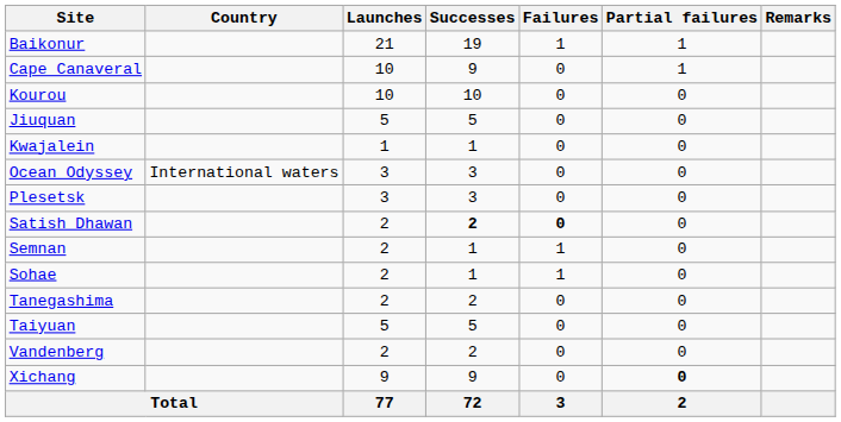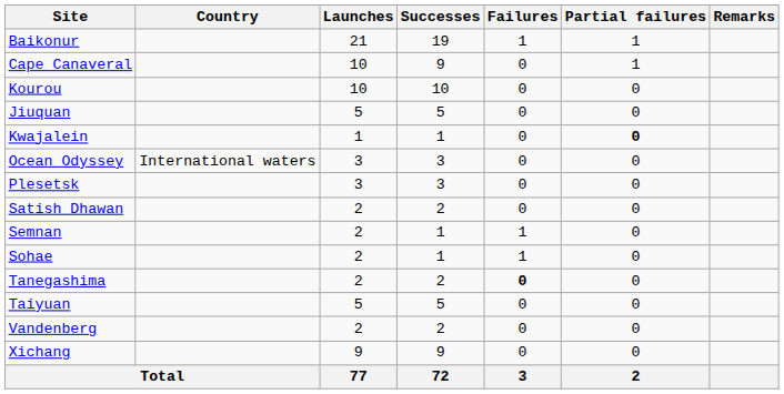 <table class="wikitable sortable" style=text-align:center>
 <tr>
 <th scope=col>Site</th>
 <th scope=col>Country</th>
 <th scope=col>Launches</th>
 <th scope=col>Successes</th>
 <th scope=col>Failures</th>
 <th scope=col>Partial failures</th>
 <th scope=col>Remarks</th>
 </tr>
 <tr>
 <td align=left><a href='#'>Baikonur</a></td>
 <td align=left></td>
 <td>21</td>
 <td>19</td>
 <td>1</td>
 <td>1</td>
 <td></td>
 </tr>
 <tr>
 <td align=left><a href='#'>Cape Canaveral</a></td>
 <td align=left></td>
 <td>10</td>
 <td>9</td>
 <td>0</td>
 <td>1</td>
 <td></td>
 </tr>
 <tr>
 <td align=left><a href='#'>Kourou</a></td>
 <td align=left></td>
 <td>10</td>
 <td>10</td>
 <td>0</td>
 <td>0</td>
 <td></td>
 </tr>
 <tr>
 <td align=left><a href='#'>Jiuquan</a></td>
 <td align=left></td>
 <td>5</td>
 <td>5</td>
 <td>0</td>
 <td>0</td>
 <td></td>
 </tr>
 <tr>
 <td align=left><a href='#'>Kwajalein</a></td>
 <td align=left></td>
 <td>1</td>
 <td>1</td>
 <td>0</td>
-<td>0</td>
+<td><strong>0</strong></td>
 <td></td>
 </tr>
 <tr>
 <td align=left><a href='#'>Ocean Odyssey</a></td>
 <td align=left> International waters</td>
 <td>3</td>
 <td>3</td>
 <td>0</td>
 <td>0</td>
 <td></td>
 </tr>
 <tr>
 <td align=left><a href='#'>Plesetsk</a></td>
 <td align=left></td>
 <td>3</td>
 <td>3</td>
 <td>0</td>
 <td>0</td>
 <td></td>
 </tr>
 <tr>
 <td align=left><a href='#'>Satish Dhawan</a></td>
 <td align=left></td>
 <td>2</td>
-<td><strong>2</strong></td>
-<td><strong>0</strong></td>
+<td>2</td>
+<td>0</td>
 <td>0</td>
 <td></td>
 </tr>
 <tr>
 <td align=left><a href='#'>Semnan</a></td>
 <td align=left></td>
 <td>2</td>
 <td>1</td>
 <td>1</td>
 <td>0</td>
 <td></td>
 </tr>
 <tr>
 <td align=left><a href='#'>Sohae</a></td>
 <td align=left></td>
 <td>2</td>
 <td>1</td>
 <td>1</td>
 <td>0</td>
 <td></td>
 </tr>
 <tr>
 <td align=left><a href='#'>Tanegashima</a></td>
 <td align=left></td>
 <td>2</td>
 <td>2</td>
-<td>0</td>
+<td><strong>0</strong></td>
 <td>0</td>
 <td></td>
 </tr>
 <tr>
 <td align=left><a href='#'>Taiyuan</a></td>
 <td align=left></td>
 <td>5</td>
 <td>5</td>
 <td>0</td>
 <td>0</td>
 <td></td>
 </tr>
 <tr>
 <td align=left><a href='#'>Vandenberg</a></td>
 <td align=left></td>
 <td>2</td>
 <td>2</td>
 <td>0</td>
 <td>0</td>
 <td></td>
 </tr>
 <tr>
 <td align=left><a href='#'>Xichang</a></td>
 <td align=left></td>
 <td>9</td>
 <td>9</td>
 <td>0</td>
-<td><strong>0</strong></td>
+<td>0</td>
 <td></td>
 </tr>
 <tr class="sortbottom">
 <th colspan=2>Total</th>
 <th>77</th>
 <th>72</th>
 <th>3</th>
 <th>2</th>
 <th></th>
 </tr>
 </table>
